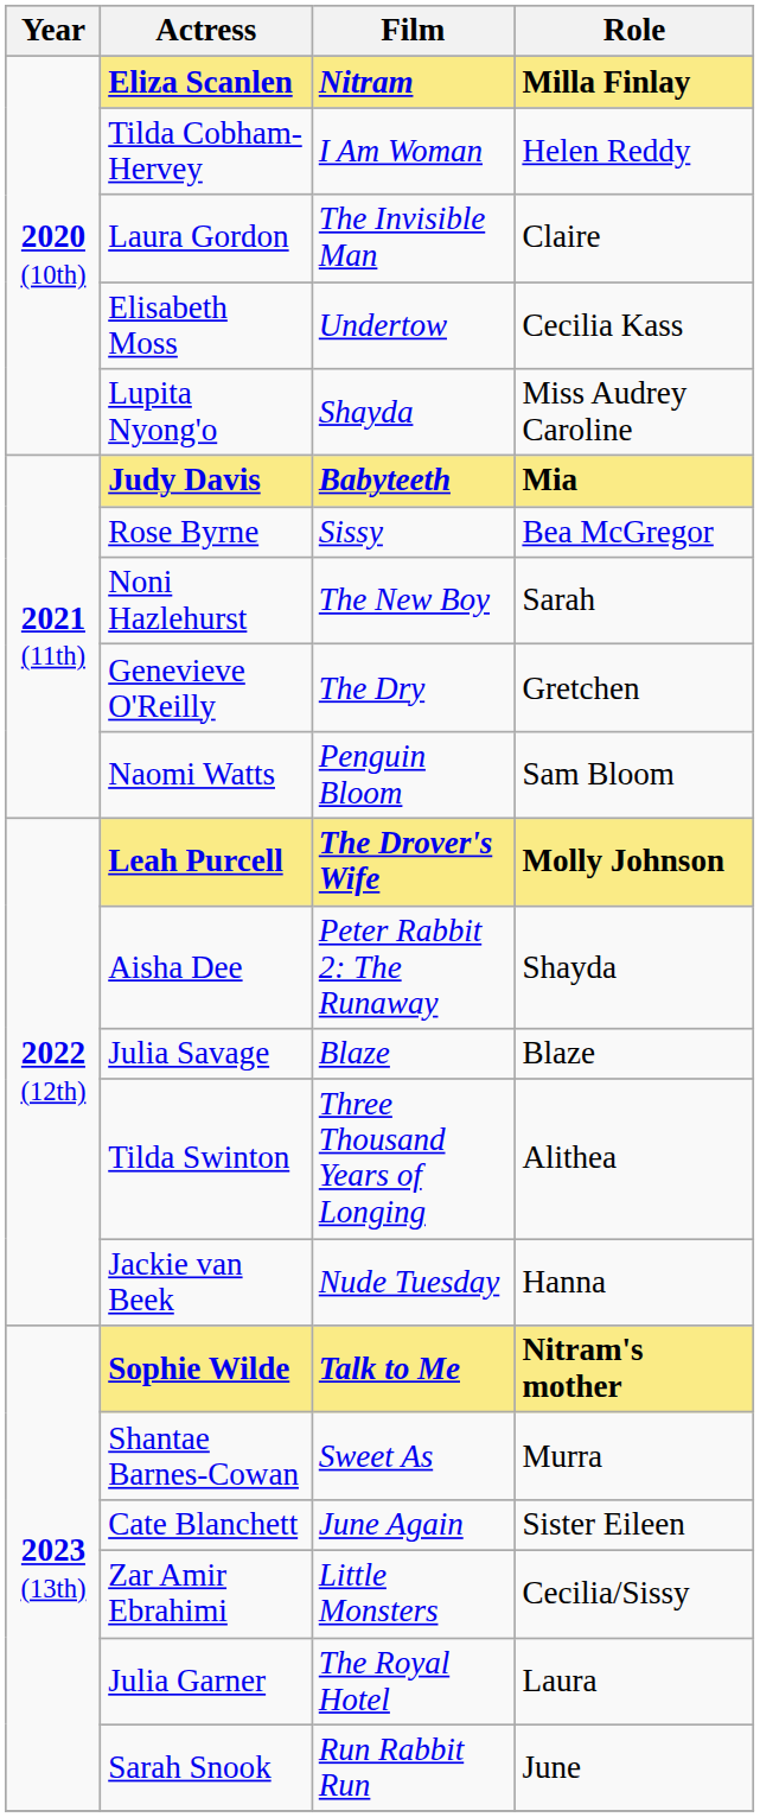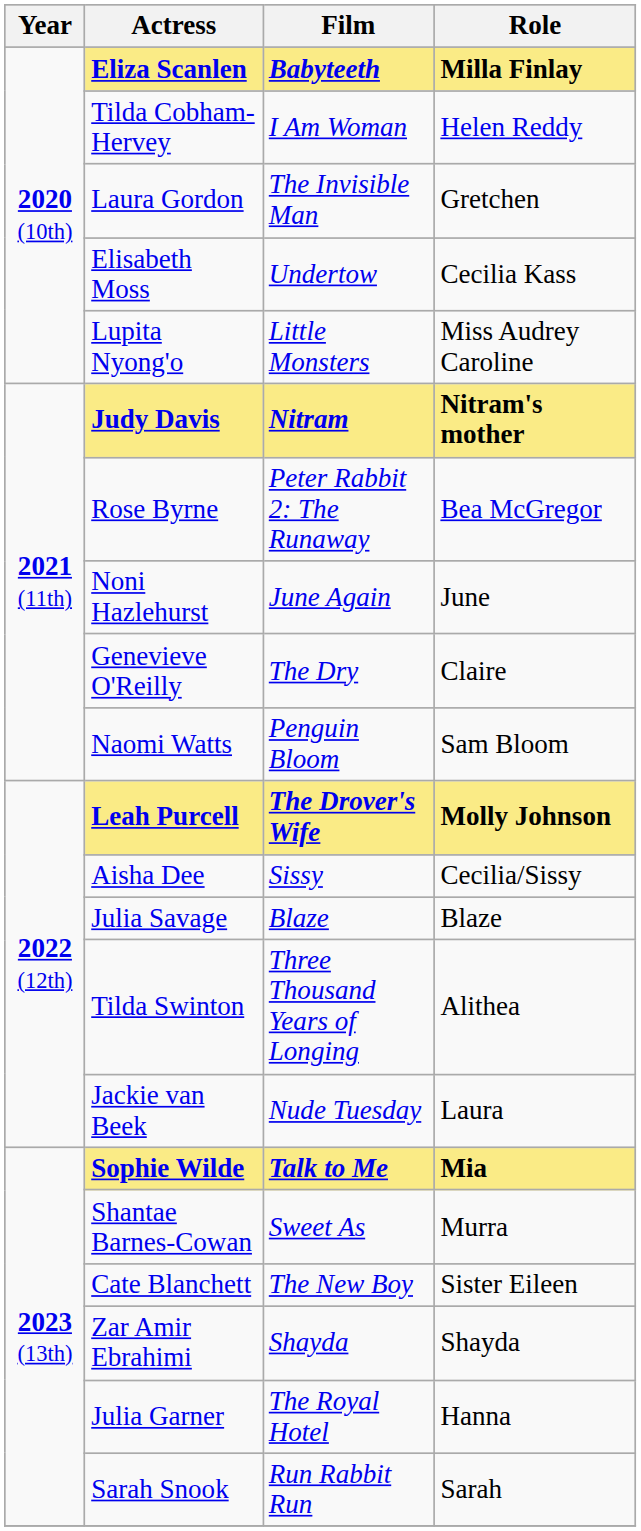 <table class="sortable wikitable" width="60%" align="centre">
 <tr>
 <th width="5%">Year</th>
 <th width="19%">Actress</th>
 <th width="19%">Film</th>
 <th width="19%">Role</th>
 </tr>
 <tr>
 <td rowspan=5 align="center"><strong><a href='#'>2020</a></strong><br><small><a href='#'>(10th)</a></small></td>
 <td style="background:#FAEB86"><strong><a href='#'>Eliza Scanlen</a></strong></td>
-<td style="background:#FAEB86"><strong><em><a href='#'>Nitram</a></em></strong></td>
+<td style="background:#FAEB86"><strong><em><a href='#'>Babyteeth</a></em></strong></td>
 <td style="background:#FAEB86"><strong>Milla Finlay</strong></td>
 </tr>
 <tr>
 <td><a href='#'>Tilda Cobham-Hervey</a></td>
 <td><em><a href='#'>I Am Woman</a></em></td>
 <td><a href='#'>Helen Reddy</a></td>
 </tr>
 <tr>
 <td><a href='#'>Laura Gordon</a></td>
 <td><em><a href='#'>The Invisible Man</a></em></td>
-<td>Claire</td>
+<td>Gretchen</td>
 </tr>
 <tr>
 <td><a href='#'>Elisabeth Moss</a></td>
 <td><em><a href='#'>Undertow</a></em></td>
 <td>Cecilia Kass</td>
 </tr>
 <tr>
 <td><a href='#'>Lupita Nyong'o</a></td>
-<td><em><a href='#'>Shayda</a></em></td>
+<td><em><a href='#'>Little Monsters</a></em></td>
 <td>Miss Audrey Caroline</td>
 </tr>
 <tr>
 <td rowspan=5 align="center"><strong><a href='#'>2021</a></strong><br><small><a href='#'>(11th)</a></small></td>
 <td style="background:#FAEB86"><strong><a href='#'>Judy Davis</a></strong></td>
-<td style="background:#FAEB86"><strong><em><a href='#'>Babyteeth</a></em></strong></td>
-<td style="background:#FAEB86"><strong>Mia</strong></td>
+<td style="background:#FAEB86"><strong><em><a href='#'>Nitram</a></em></strong></td>
+<td style="background:#FAEB86"><strong>Nitram's mother</strong></td>
 </tr>
 <tr>
 <td><a href='#'>Rose Byrne</a></td>
-<td><em><a href='#'>Sissy</a></em></td>
+<td><em><a href='#'>Peter Rabbit 2: The Runaway</a></em></td>
 <td><a href='#'>Bea McGregor</a></td>
 </tr>
 <tr>
 <td><a href='#'>Noni Hazlehurst</a></td>
-<td><em><a href='#'>The New Boy</a></em></td>
-<td>Sarah</td>
+<td><em><a href='#'>June Again</a></em></td>
+<td>June</td>
 </tr>
 <tr>
 <td><a href='#'>Genevieve O'Reilly</a></td>
 <td><em><a href='#'>The Dry</a></em></td>
-<td>Gretchen</td>
+<td>Claire</td>
 </tr>
 <tr>
 <td><a href='#'>Naomi Watts</a></td>
 <td><em><a href='#'>Penguin Bloom</a></em></td>
 <td>Sam Bloom</td>
 </tr>
 <tr>
 <td rowspan=5 align="center"><strong><a href='#'>2022</a></strong><br><small><a href='#'>(12th)</a></small></td>
 <td style="background:#FAEB86"><strong><a href='#'>Leah Purcell</a></strong></td>
 <td style="background:#FAEB86"><strong><em><a href='#'>The Drover's Wife</a></em></strong></td>
 <td style="background:#FAEB86"><strong>Molly Johnson</strong></td>
 </tr>
 <tr>
 <td><a href='#'>Aisha Dee</a></td>
-<td><em><a href='#'>Peter Rabbit 2: The Runaway</a></em></td>
-<td>Shayda</td>
+<td><em><a href='#'>Sissy</a></em></td>
+<td>Cecilia/Sissy</td>
 </tr>
 <tr>
 <td><a href='#'>Julia Savage</a></td>
 <td><em><a href='#'>Blaze</a></em></td>
 <td>Blaze</td>
 </tr>
 <tr>
 <td><a href='#'>Tilda Swinton</a></td>
 <td><em><a href='#'>Three Thousand Years of Longing</a></em></td>
 <td>Alithea</td>
 </tr>
 <tr>
 <td><a href='#'>Jackie van Beek</a></td>
 <td><em><a href='#'>Nude Tuesday</a></em></td>
-<td>Hanna</td>
+<td>Laura</td>
 </tr>
 <tr>
 <td rowspan=6 align="center"><strong><a href='#'>2023</a></strong><br><small><a href='#'>(13th)</a></small></td>
 <td style="background:#FAEB86"><strong><a href='#'>Sophie Wilde</a></strong></td>
 <td style="background:#FAEB86"><strong><em><a href='#'>Talk to Me</a></em></strong></td>
-<td style="background:#FAEB86"><strong>Nitram's mother</strong></td>
+<td style="background:#FAEB86"><strong>Mia</strong></td>
 </tr>
 <tr>
 <td><a href='#'>Shantae Barnes-Cowan</a></td>
 <td><em><a href='#'>Sweet As</a></em></td>
 <td>Murra</td>
 </tr>
 <tr>
 <td><a href='#'>Cate Blanchett</a></td>
-<td><em><a href='#'>June Again</a></em></td>
+<td><em><a href='#'>The New Boy</a></em></td>
 <td>Sister Eileen</td>
 </tr>
 <tr>
 <td><a href='#'>Zar Amir Ebrahimi</a></td>
-<td><em><a href='#'>Little Monsters</a></em></td>
-<td>Cecilia/Sissy</td>
+<td><em><a href='#'>Shayda</a></em></td>
+<td>Shayda</td>
 </tr>
 <tr>
 <td><a href='#'>Julia Garner</a></td>
 <td><em><a href='#'>The Royal Hotel</a></em></td>
-<td>Laura</td>
+<td>Hanna</td>
 </tr>
 <tr>
 <td><a href='#'>Sarah Snook</a></td>
 <td><em><a href='#'>Run Rabbit Run</a></em></td>
-<td>June</td>
+<td>Sarah</td>
 </tr>
 <tr>
 </tr>
 </table>
